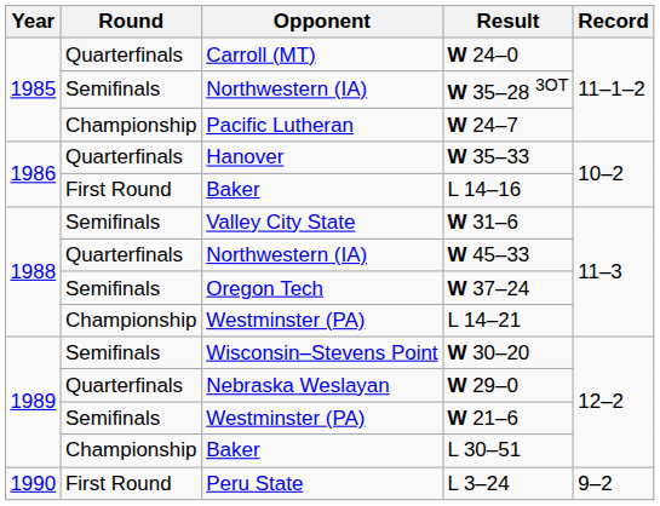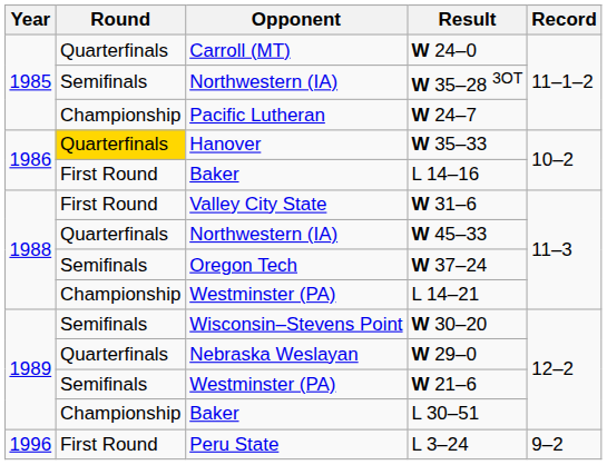 <table class="wikitable">
 <tr>
 <th width=px>Year</th>
 <th width=px>Round</th>
 <th width=px>Opponent</th>
 <th width=px>Result</th>
 <th width=px>Record</th>
 </tr>
 <tr>
 <td rowspan="3"><a href='#'>1985</a></td>
 <td>Quarterfinals</td>
 <td><a href='#'>Carroll (MT)</a></td>
 <td><strong>W</strong> 24–0</td>
 <td rowspan="3">11–1–2</td>
 </tr>
 <tr>
 <td>Semifinals</td>
 <td><a href='#'>Northwestern (IA)</a></td>
 <td><strong>W</strong> 35–28 <sup>3OT</sup></td>
 </tr>
 <tr>
 <td>Championship</td>
 <td><a href='#'>Pacific Lutheran</a></td>
 <td><strong>W</strong> 24–7</td>
 </tr>
 <tr>
 <td rowspan="2"><a href='#'>1986</a></td>
-<td>Quarterfinals</td>
+<td style="background: gold;">Quarterfinals</td>
 <td><a href='#'>Hanover</a></td>
 <td><strong>W</strong> 35–33</td>
 <td rowspan="2">10–2</td>
 </tr>
 <tr>
 <td>First Round</td>
 <td><a href='#'>Baker</a></td>
 <td>L 14–16</td>
 </tr>
 <tr>
 <td rowspan="4"><a href='#'>1988</a></td>
-<td>Semifinals</td>
+<td>First Round</td>
 <td><a href='#'>Valley City State</a></td>
 <td><strong>W</strong> 31–6</td>
 <td rowspan="4">11–3</td>
 </tr>
 <tr>
 <td>Quarterfinals</td>
 <td><a href='#'>Northwestern (IA)</a></td>
 <td><strong>W</strong> 45–33</td>
 </tr>
 <tr>
 <td>Semifinals</td>
 <td><a href='#'>Oregon Tech</a></td>
 <td><strong>W</strong> 37–24</td>
 </tr>
 <tr>
 <td>Championship</td>
 <td><a href='#'>Westminster (PA)</a></td>
 <td>L 14–21</td>
 </tr>
 <tr>
 <td rowspan="4"><a href='#'>1989</a></td>
 <td>Semifinals</td>
 <td><a href='#'>Wisconsin–Stevens Point</a></td>
 <td><strong>W</strong> 30–20</td>
 <td rowspan="4">12–2</td>
 </tr>
 <tr>
 <td>Quarterfinals</td>
 <td><a href='#'>Nebraska Weslayan</a></td>
 <td><strong>W</strong> 29–0</td>
 </tr>
 <tr>
 <td>Semifinals</td>
 <td><a href='#'>Westminster (PA)</a></td>
 <td><strong>W</strong> 21–6</td>
 </tr>
 <tr>
 <td>Championship</td>
 <td><a href='#'>Baker</a></td>
 <td>L 30–51</td>
 </tr>
 <tr>
-<td><a href='#'>1990</a></td>
+<td><a href='#'>1996</a></td>
 <td>First Round</td>
 <td><a href='#'>Peru State</a></td>
 <td>L 3–24</td>
 <td>9–2</td>
 </tr>
 </table>
